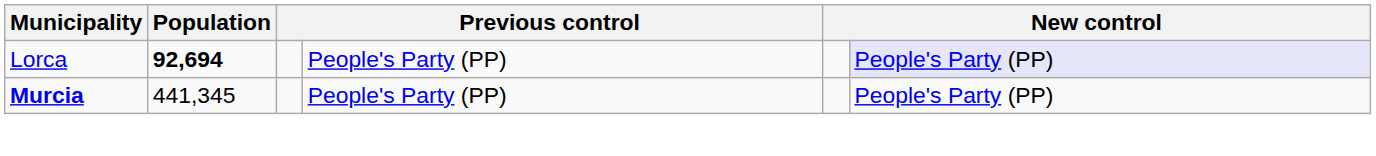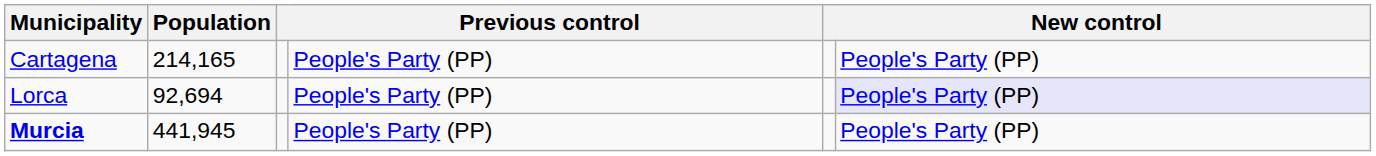 <table class="wikitable sortable">
 <tr>
 <th>Municipality</th>
 <th>Population</th>
 <th colspan="2" style="width:375px;">Previous control</th>
 <th colspan="2" style="width:375px;">New control</th>
 </tr>
 <tr>
+<td><a href='#'>Cartagena</a></td>
+<td>214,165</td>
+<td width="1" style="color:inherit;background:"></td>
+<td><a href='#'>People's Party</a> (PP)</td>
+<td width="1" style="color:inherit;background:"></td>
+<td><a href='#'>People's Party</a> (PP)</td>
+</tr>
+<tr>
 <td><a href='#'>Lorca</a></td>
-<td><strong>92,694</strong></td>
+<td>92,694</td>
 <td style="color:inherit;background:"></td>
 <td><a href='#'>People's Party</a> (PP)</td>
 <td style="color:inherit;background:"></td>
 <td style="background: lavender;"><a href='#'>People's Party</a> (PP)</td>
 </tr>
 <tr>
 <td><strong><a href='#'>Murcia</a></strong></td>
-<td>441,345</td>
+<td>441,945</td>
 <td style="color:inherit;background:"></td>
 <td><a href='#'>People's Party</a> (PP)</td>
 <td style="color:inherit;background:"></td>
 <td><a href='#'>People's Party</a> (PP)</td>
 </tr>
 </table>
